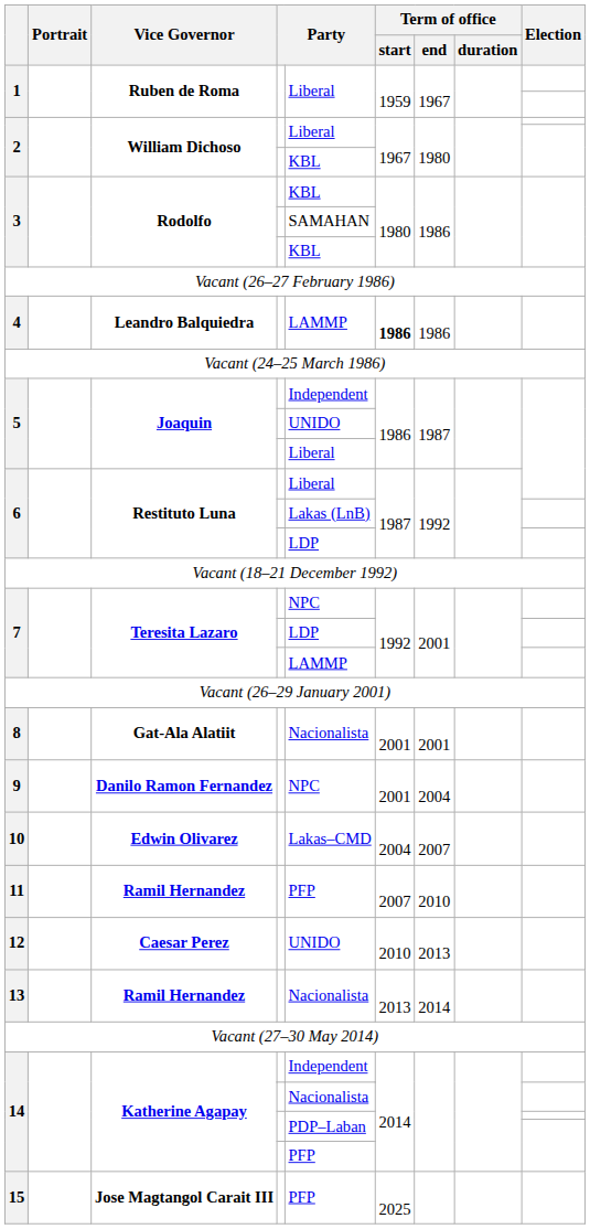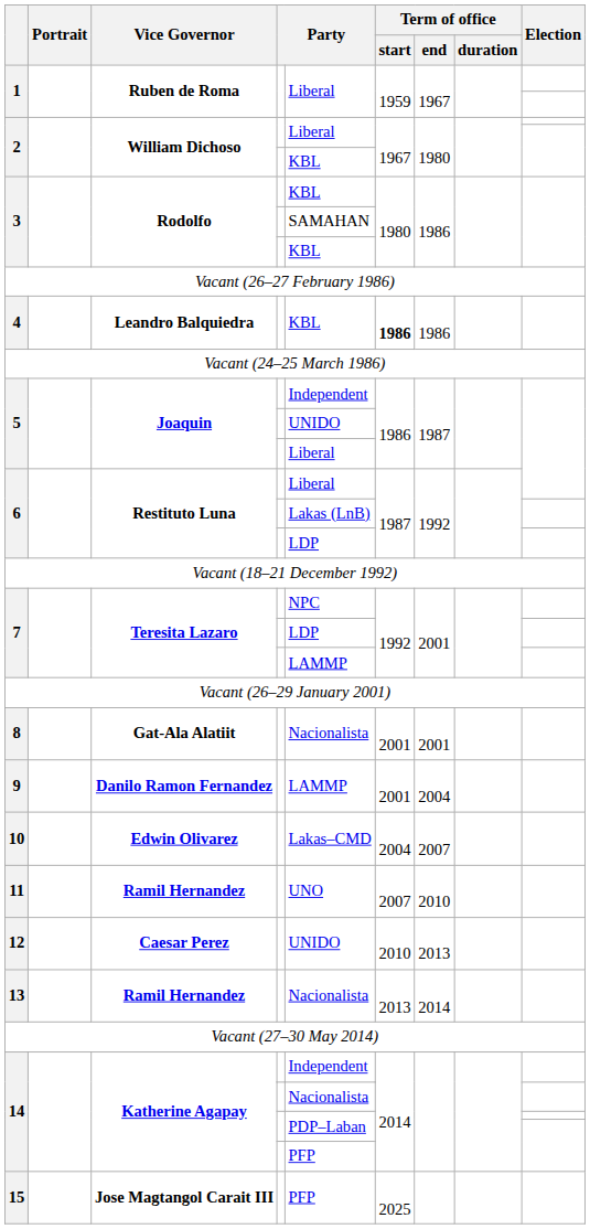 <table class="wikitable" style="line-height:1.4em; text-align:center; background-color:#FFFFFF;">
 <tr>
 <th rowspan="2"></th>
 <th rowspan="2">Portrait</th>
 <th rowspan="2">Vice Governor<br></th>
 <th colspan="2" rowspan="2">Party</th>
 <th colspan="3">Term of office</th>
 <th rowspan="2">Election</th>
 </tr>
 <tr>
 <th>start</th>
 <th>end</th>
 <th>duration</th>
 </tr>
 <tr>
 <th rowspan="2">1</th>
 <td rowspan="2"></td>
 <td rowspan="2"><strong>Ruben de Roma</strong><br></td>
 <td rowspan="2" style="background:"></td>
 <td rowspan="2" style="text-align:left;"><a href='#'>Liberal</a></td>
 <td rowspan="2"><br>1959</td>
 <td rowspan="2"><br>1967</td>
 <td rowspan="2"></td>
 <td></td>
 </tr>
 <tr>
 <td></td>
 </tr>
 <tr>
 <th rowspan="3">2</th>
 <td rowspan="3"></td>
 <td rowspan="3"><strong>William Dichoso</strong><br></td>
 <td rowspan="2" style="background:"></td>
 <td rowspan="2" style="text-align:left;"><a href='#'>Liberal</a></td>
 <td rowspan="3"><br>1967</td>
 <td rowspan="3"><br>1980</td>
 <td rowspan="3"></td>
 <td></td>
 </tr>
 <tr>
 <td rowspan="2"></td>
 </tr>
 <tr>
 <td style="background:"></td>
 <td style="text-align:left;"><a href='#'>KBL</a></td>
 </tr>
 <tr>
 <th rowspan="3">3</th>
 <td rowspan="3"></td>
 <td rowspan="3"><strong>Rodolfo </strong><br></td>
 <td style="background:"></td>
 <td style="text-align:left;"><a href='#'>KBL</a></td>
 <td rowspan="3"><br>1980</td>
 <td rowspan="3"><br>1986</td>
 <td rowspan="3"></td>
 <td rowspan="3"></td>
 </tr>
 <tr>
 <td style="background:"></td>
 <td style="text-align:left;">SAMAHAN</td>
 </tr>
 <tr>
 <td style="background:"></td>
 <td style="text-align:left;"><a href='#'>KBL</a></td>
 </tr>
 <tr>
 <td colspan="9"><em>Vacant (26–27 February 1986)</em></td>
 </tr>
 <tr>
 <th>4</th>
 <td></td>
 <td><strong>Leandro Balquiedra</strong><br></td>
 <td style="background:"></td>
-<td style="text-align:left;"><a href='#'>LAMMP</a></td>
+<td style="text-align:left;"><a href='#'>KBL</a></td>
 <td><strong><br>1986</strong></td>
 <td><br>1986</td>
 <td></td>
 <td></td>
 </tr>
 <tr>
 <td colspan="9"><em>Vacant (24–25 March 1986)</em></td>
 </tr>
 <tr>
 <th rowspan="3">5</th>
 <td rowspan="3"></td>
 <td rowspan="3"><strong><a href='#'>Joaquin </a></strong><br></td>
 <td style="background:"></td>
 <td style="text-align:left;"><a href='#'>Independent</a></td>
 <td rowspan="3"><br>1986</td>
 <td rowspan="3"><br>1987</td>
 <td rowspan="3"></td>
 <td rowspan="4"></td>
 </tr>
 <tr>
 <td style="background:"></td>
 <td style="text-align:left;"><a href='#'>UNIDO</a></td>
 </tr>
 <tr>
 <td style="background:"></td>
 <td style="text-align:left;"><a href='#'>Liberal</a></td>
 </tr>
 <tr>
 <th rowspan="3">6</th>
 <td rowspan="3"></td>
 <td rowspan="3"><strong>Restituto Luna</strong><br></td>
 <td style="background:"></td>
 <td style="text-align:left;"><a href='#'>Liberal</a></td>
 <td rowspan="3"><br>1987</td>
 <td rowspan="3"><br>1992</td>
 <td rowspan="3"></td>
 </tr>
 <tr>
 <td style="background:"></td>
 <td style="text-align:left;"><a href='#'>Lakas (LnB)</a></td>
 <td></td>
 </tr>
 <tr>
 <td style="background:"></td>
 <td style="text-align:left;"><a href='#'>LDP</a></td>
 <td></td>
 </tr>
 <tr>
 <td colspan="9"><em>Vacant (18–21 December 1992)</em></td>
 </tr>
 <tr>
 <th rowspan="3">7</th>
 <td rowspan="3"></td>
 <td rowspan="3"><strong><a href='#'>Teresita Lazaro</a></strong><br></td>
 <td style="background:"></td>
 <td style="text-align:left;"><a href='#'>NPC</a></td>
 <td rowspan="3"><br>1992</td>
 <td rowspan="3"><br>2001</td>
 <td rowspan="3"></td>
 <td></td>
 </tr>
 <tr>
 <td style="background:"></td>
 <td style="text-align:left;"><a href='#'>LDP</a></td>
 <td></td>
 </tr>
 <tr>
 <td style="background:"></td>
 <td style="text-align:left;"><a href='#'>LAMMP</a></td>
 <td></td>
 </tr>
 <tr>
 <td colspan="9"><em>Vacant (26–29 January 2001)</em></td>
 </tr>
 <tr>
 <th>8</th>
 <td></td>
 <td><strong>Gat-Ala Alatiit</strong><br></td>
 <td style="background:"></td>
 <td style="text-align:left;"><a href='#'>Nacionalista</a></td>
 <td><br>2001</td>
 <td><br>2001</td>
 <td></td>
 <td></td>
 </tr>
 <tr>
 <th>9</th>
 <td></td>
 <td><strong><a href='#'>Danilo Ramon Fernandez</a></strong><br></td>
 <td style="background:"></td>
-<td style="text-align:left;"><a href='#'>NPC</a></td>
+<td style="text-align:left;"><a href='#'>LAMMP</a></td>
 <td><br>2001</td>
 <td><br>2004</td>
 <td></td>
 <td></td>
 </tr>
 <tr>
 <th>10</th>
 <td></td>
 <td><strong><a href='#'>Edwin Olivarez</a></strong><br></td>
 <td style="background:"></td>
 <td style="text-align:left;"><a href='#'>Lakas–CMD</a></td>
 <td><br>2004</td>
 <td><br>2007</td>
 <td></td>
 <td></td>
 </tr>
 <tr>
 <th>11</th>
 <td></td>
 <td><strong><a href='#'>Ramil Hernandez</a></strong><br></td>
 <td style="background:"></td>
-<td style="text-align:left;"><a href='#'>PFP</a></td>
+<td style="text-align:left;"><a href='#'>UNO</a></td>
 <td><br>2007</td>
 <td><br>2010</td>
 <td></td>
 <td></td>
 </tr>
 <tr>
 <th>12</th>
 <td></td>
 <td><strong><a href='#'>Caesar Perez</a></strong><br></td>
 <td style="background:"></td>
 <td style="text-align:left;"><a href='#'>UNIDO</a></td>
 <td><br>2010</td>
 <td><br>2013</td>
 <td></td>
 <td></td>
 </tr>
 <tr>
 <th>13</th>
 <td></td>
 <td><strong><a href='#'>Ramil Hernandez</a></strong><br></td>
 <td style="background:"></td>
 <td style="text-align:left;"><a href='#'>Nacionalista</a></td>
 <td><br>2013</td>
 <td><br>2014</td>
 <td></td>
 <td></td>
 </tr>
 <tr>
 <td colspan="9"><em>Vacant (27–30 May 2014)</em></td>
 </tr>
 <tr>
 <th rowspan="6">14</th>
 <td rowspan="6"></td>
 <td rowspan="6"><strong><a href='#'>Katherine Agapay</a></strong><br></td>
 <td style="background:"></td>
 <td style="text-align:left;"><a href='#'>Independent</a></td>
 <td rowspan="6"><br>2014</td>
 <td rowspan="6"></td>
 <td rowspan="6"></td>
 <td rowspan="2"></td>
 </tr>
 <tr>
 <td rowspan="2" style="background:"></td>
 <td rowspan="2" style="text-align:left;"><a href='#'>Nacionalista</a></td>
 </tr>
 <tr>
 <td></td>
 </tr>
 <tr>
 <td rowspan="2" style="background:"></td>
 <td rowspan="2" style="text-align:left;"><a href='#'>PDP–Laban</a></td>
 <td></td>
 </tr>
 <tr>
 <td rowspan="2"></td>
 </tr>
 <tr>
 <td style="background:"></td>
 <td style="text-align:left;"><a href='#'>PFP</a></td>
 </tr>
 <tr>
 <th>15</th>
 <td></td>
 <td><strong>Jose Magtangol Carait III</strong><br></td>
 <td style="background:"></td>
 <td style="text-align:left;"><a href='#'>PFP</a></td>
 <td><br>2025</td>
 <td></td>
 <td></td>
 <td></td>
 </tr>
 </table>
